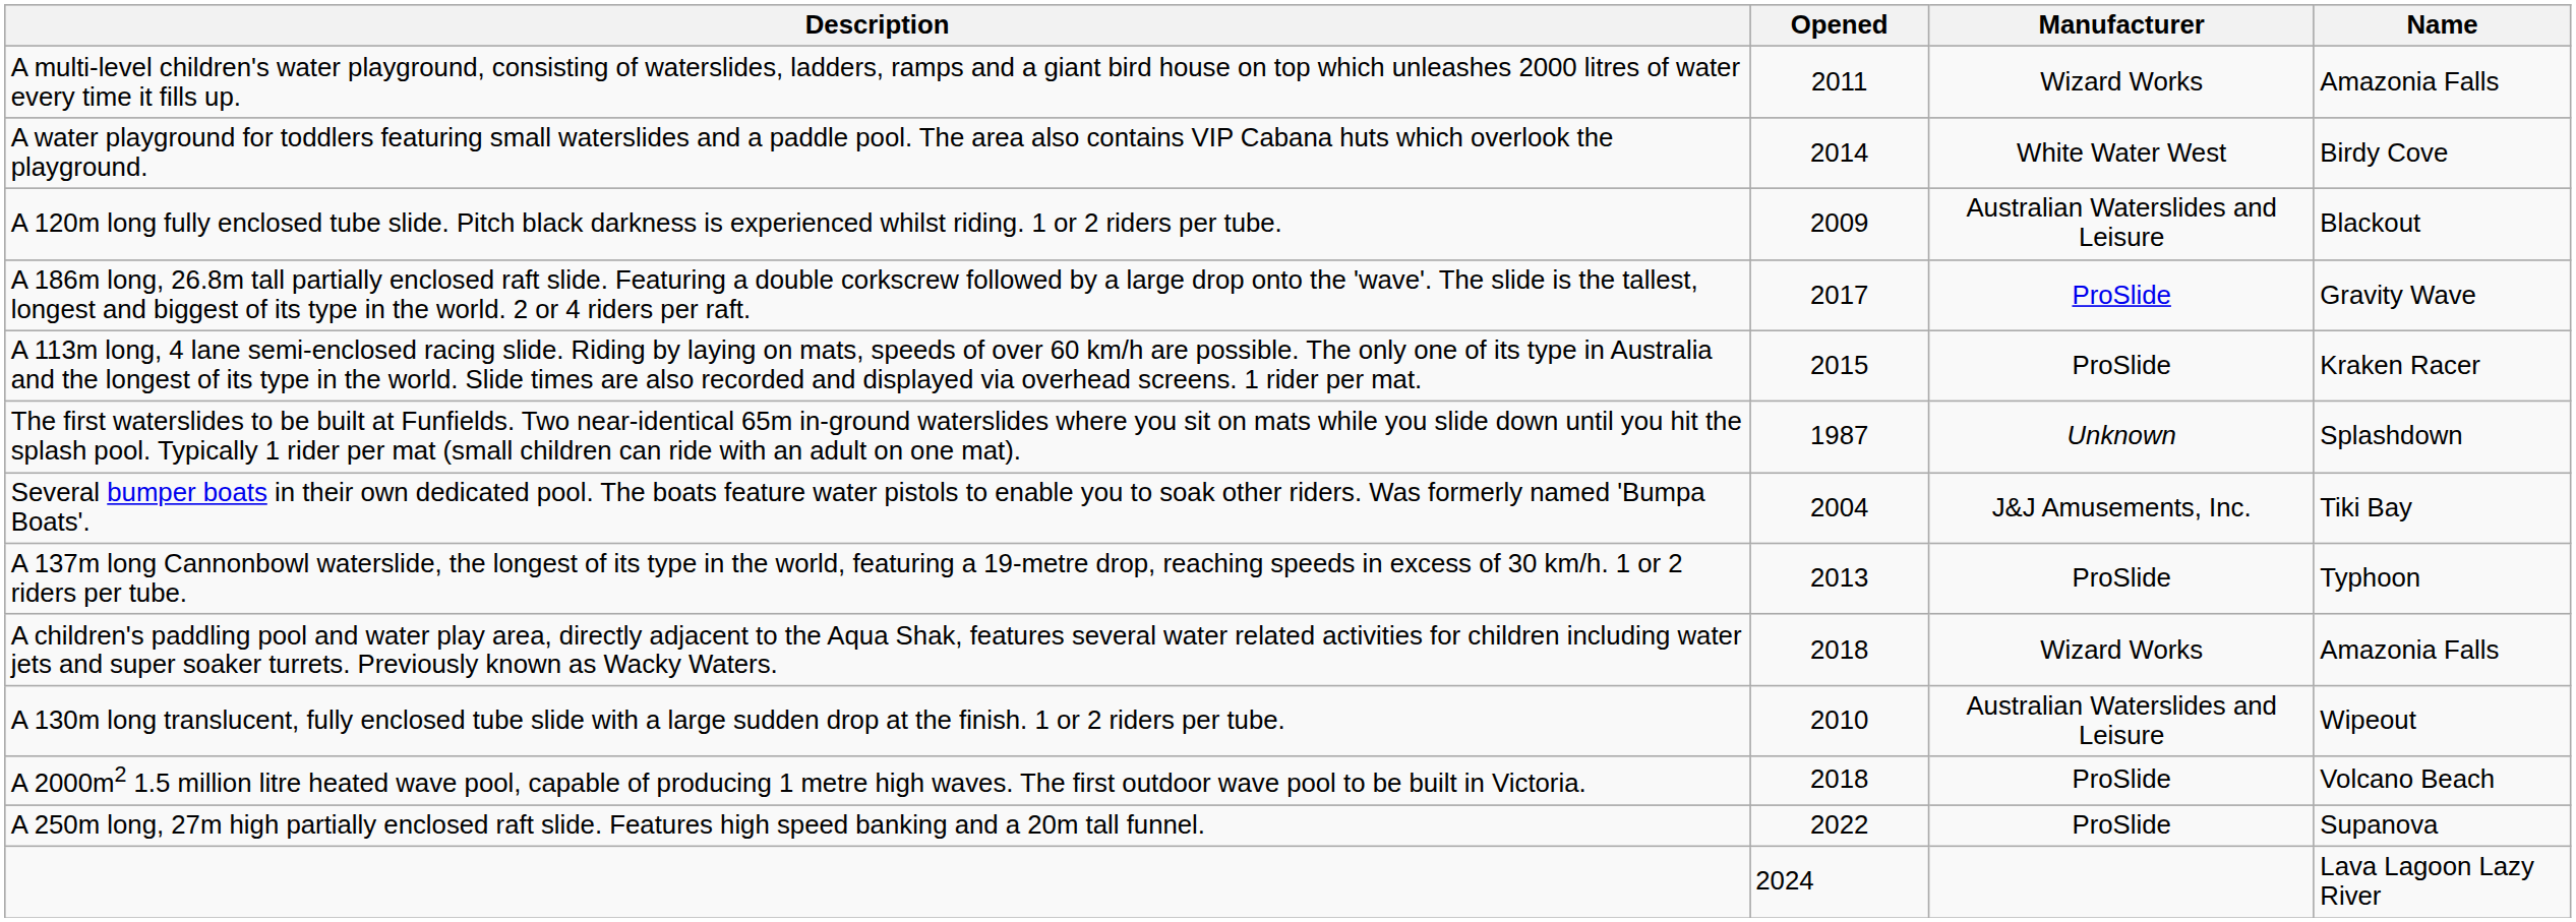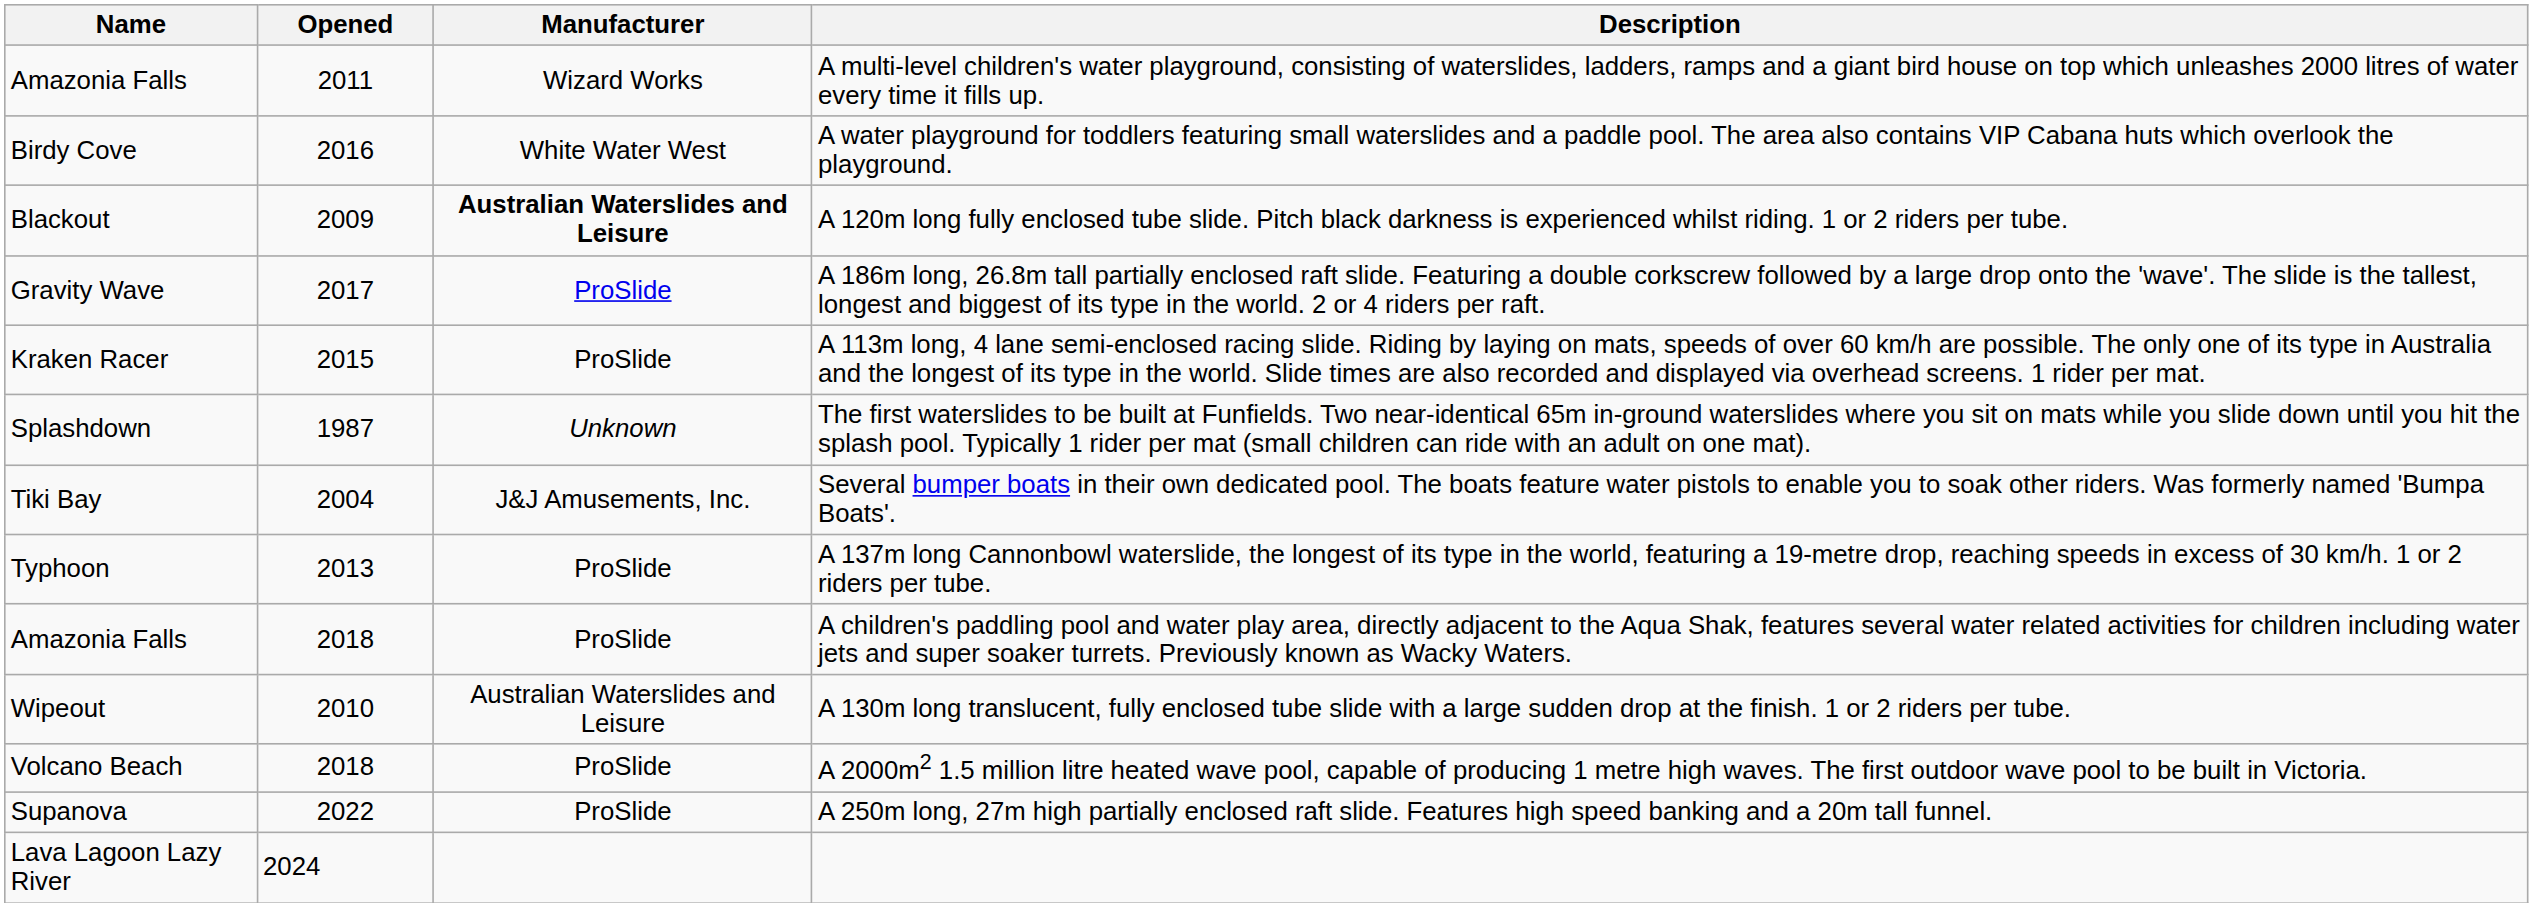 <table class="wikitable sortable">
 <tr>
-<th style="width:68%;">Description</th>
+<th style="width:10%;">Name</th>
 <th style="width:7%;">Opened</th>
 <th style="width:15%;">Manufacturer</th>
-<th style="width:10%;">Name</th>
+<th style="width:68%;">Description</th>
 </tr>
 <tr>
-<td>A multi-level children's water playground, consisting of waterslides, ladders, ramps and a giant bird house on top which unleashes 2000 litres of water every time it fills up.</td>
+<td>Amazonia Falls</td>
 <td style="text-align:center">2011</td>
 <td style="text-align:center">Wizard Works</td>
-<td>Amazonia Falls</td>
+<td>A multi-level children's water playground, consisting of waterslides, ladders, ramps and a giant bird house on top which unleashes 2000 litres of water every time it fills up.</td>
 </tr>
 <tr>
+<td>Birdy Cove</td>
+<td style="text-align:center">2016</td>
+<td style="text-align:center">White Water West</td>
 <td>A water playground for toddlers featuring small waterslides and a paddle pool. The area also contains VIP Cabana huts which overlook the playground.</td>
-<td style="text-align:center">2014</td>
-<td style="text-align:center">White Water West</td>
-<td>Birdy Cove</td>
 </tr>
 <tr>
+<td>Blackout</td>
+<td style="text-align:center">2009</td>
+<td style="text-align:center"><strong>Australian Waterslides and Leisure</strong></td>
 <td>A 120m long fully enclosed tube slide. Pitch black darkness is experienced whilst riding. 1 or 2 riders per tube.</td>
-<td style="text-align:center">2009</td>
-<td style="text-align:center">Australian Waterslides and Leisure</td>
-<td>Blackout</td>
 </tr>
 <tr>
-<td>A 186m long, 26.8m tall partially enclosed raft slide. Featuring a double corkscrew followed by a large drop onto the 'wave'. The slide is the tallest, longest and biggest of its type in the world. 2 or 4 riders per raft.</td>
+<td>Gravity Wave</td>
 <td style="text-align:center">2017</td>
 <td style="text-align:center"><a href='#'>ProSlide</a></td>
-<td>Gravity Wave</td>
+<td>A 186m long, 26.8m tall partially enclosed raft slide. Featuring a double corkscrew followed by a large drop onto the 'wave'. The slide is the tallest, longest and biggest of its type in the world. 2 or 4 riders per raft.</td>
 </tr>
 <tr>
-<td>A 113m long, 4 lane semi-enclosed racing slide. Riding by laying on mats, speeds of over 60 km/h are possible. The only one of its type in Australia and the longest of its type in the world. Slide times are also recorded and displayed via overhead screens. 1 rider per mat.</td>
+<td>Kraken Racer</td>
 <td style="text-align:center">2015</td>
 <td style="text-align:center">ProSlide</td>
-<td>Kraken Racer</td>
+<td>A 113m long, 4 lane semi-enclosed racing slide. Riding by laying on mats, speeds of over 60 km/h are possible. The only one of its type in Australia and the longest of its type in the world. Slide times are also recorded and displayed via overhead screens. 1 rider per mat.</td>
 </tr>
 <tr>
-<td>The first waterslides to be built at Funfields. Two near-identical 65m in-ground waterslides where you sit on mats while you slide down until you hit the splash pool. Typically 1 rider per mat (small children can ride with an adult on one mat).</td>
+<td>Splashdown</td>
 <td style="text-align:center">1987</td>
 <td style="text-align:center"><em>Unknown</em></td>
-<td>Splashdown</td>
+<td>The first waterslides to be built at Funfields. Two near-identical 65m in-ground waterslides where you sit on mats while you slide down until you hit the splash pool. Typically 1 rider per mat (small children can ride with an adult on one mat).</td>
 </tr>
 <tr>
-<td>Several <a href='#'>bumper boats</a> in their own dedicated pool. The boats feature water pistols to enable you to soak other riders. Was formerly named 'Bumpa Boats'.</td>
+<td>Tiki Bay</td>
 <td style="text-align:center">2004</td>
 <td style="text-align:center">J&J Amusements, Inc.</td>
-<td>Tiki Bay</td>
+<td>Several <a href='#'>bumper boats</a> in their own dedicated pool. The boats feature water pistols to enable you to soak other riders. Was formerly named 'Bumpa Boats'.</td>
 </tr>
 <tr>
-<td>A 137m long Cannonbowl waterslide, the longest of its type in the world, featuring a 19-metre drop, reaching speeds in excess of 30 km/h. 1 or 2 riders per tube.</td>
+<td>Typhoon</td>
 <td style="text-align:center">2013</td>
 <td style="text-align:center">ProSlide</td>
-<td>Typhoon</td>
+<td>A 137m long Cannonbowl waterslide, the longest of its type in the world, featuring a 19-metre drop, reaching speeds in excess of 30 km/h. 1 or 2 riders per tube.</td>
 </tr>
 <tr>
+<td>Amazonia Falls</td>
+<td style="text-align:center">2018</td>
+<td style="text-align:center">ProSlide</td>
 <td>A children's paddling pool and water play area, directly adjacent to the Aqua Shak, features several water related activities for children including water jets and super soaker turrets. Previously known as Wacky Waters.</td>
-<td style="text-align:center">2018</td>
-<td style="text-align:center">Wizard Works</td>
-<td>Amazonia Falls</td>
 </tr>
 <tr>
-<td>A 130m long translucent, fully enclosed tube slide with a large sudden drop at the finish. 1 or 2 riders per tube.</td>
+<td>Wipeout</td>
 <td style="text-align:center">2010</td>
 <td style="text-align:center">Australian Waterslides and Leisure</td>
-<td>Wipeout</td>
+<td>A 130m long translucent, fully enclosed tube slide with a large sudden drop at the finish. 1 or 2 riders per tube.</td>
 </tr>
 <tr>
-<td>A 2000m<sup>2</sup> 1.5 million litre heated wave pool, capable of producing 1 metre high waves. The first outdoor wave pool to be built in Victoria.</td>
+<td>Volcano Beach</td>
 <td style="text-align:center">2018</td>
 <td style="text-align:center">ProSlide</td>
-<td>Volcano Beach</td>
+<td>A 2000m<sup>2</sup> 1.5 million litre heated wave pool, capable of producing 1 metre high waves. The first outdoor wave pool to be built in Victoria.</td>
 </tr>
 <tr>
-<td>A 250m long, 27m high partially enclosed raft slide. Features high speed banking and a 20m tall funnel.</td>
+<td>Supanova</td>
 <td style="text-align:center">2022</td>
 <td style="text-align:center">ProSlide</td>
-<td>Supanova</td>
+<td>A 250m long, 27m high partially enclosed raft slide. Features high speed banking and a 20m tall funnel.</td>
 </tr>
 <tr>
-<td></td>
+<td>Lava Lagoon Lazy River</td>
 <td>2024</td>
 <td></td>
-<td>Lava Lagoon Lazy River</td>
+<td></td>
 </tr>
 </table>
